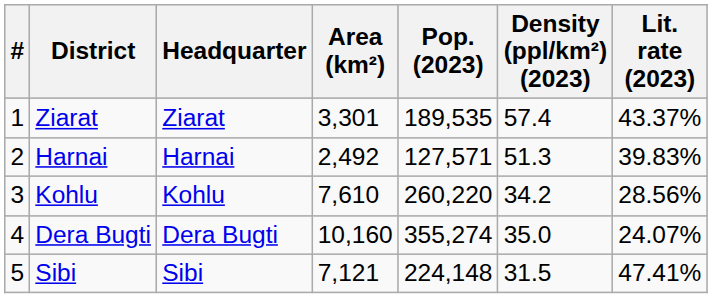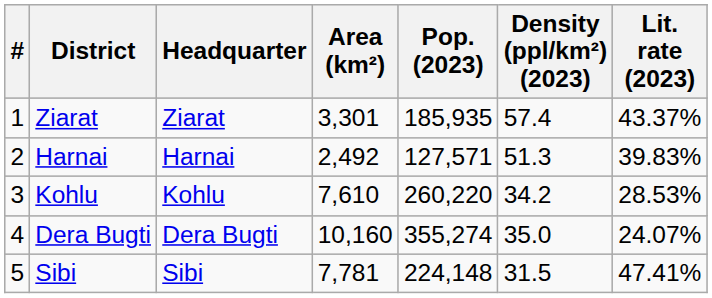 <table class="wikitable sortable">
 <tr>
 <th>#</th>
 <th>District</th>
 <th>Headquarter</th>
 <th>Area<br>(km²)</th>
 <th>Pop.<br>(2023)</th>
 <th>Density<br>(ppl/km²)<br>(2023)</th>
 <th>Lit.<br>rate<br>(2023)</th>
 </tr>
 <tr>
 <td>1</td>
 <td><a href='#'>Ziarat</a></td>
 <td><a href='#'>Ziarat</a></td>
 <td>3,301</td>
-<td>189,535</td>
+<td>185,935</td>
 <td>57.4</td>
 <td>43.37%</td>
 </tr>
 <tr>
 <td>2</td>
 <td><a href='#'>Harnai</a></td>
 <td><a href='#'>Harnai</a></td>
 <td>2,492</td>
 <td>127,571</td>
 <td>51.3</td>
 <td>39.83%</td>
 </tr>
 <tr>
 <td>3</td>
 <td><a href='#'>Kohlu</a></td>
 <td><a href='#'>Kohlu</a></td>
 <td>7,610</td>
 <td>260,220</td>
 <td>34.2</td>
-<td>28.56%</td>
+<td>28.53%</td>
 </tr>
 <tr>
 <td>4</td>
 <td><a href='#'>Dera Bugti</a></td>
 <td><a href='#'>Dera Bugti</a></td>
 <td>10,160</td>
 <td>355,274</td>
 <td>35.0</td>
 <td>24.07%</td>
 </tr>
 <tr>
 <td>5</td>
 <td><a href='#'>Sibi</a></td>
 <td><a href='#'>Sibi</a></td>
-<td>7,121</td>
+<td>7,781</td>
 <td>224,148</td>
 <td>31.5</td>
 <td>47.41%</td>
 </tr>
 </table>
